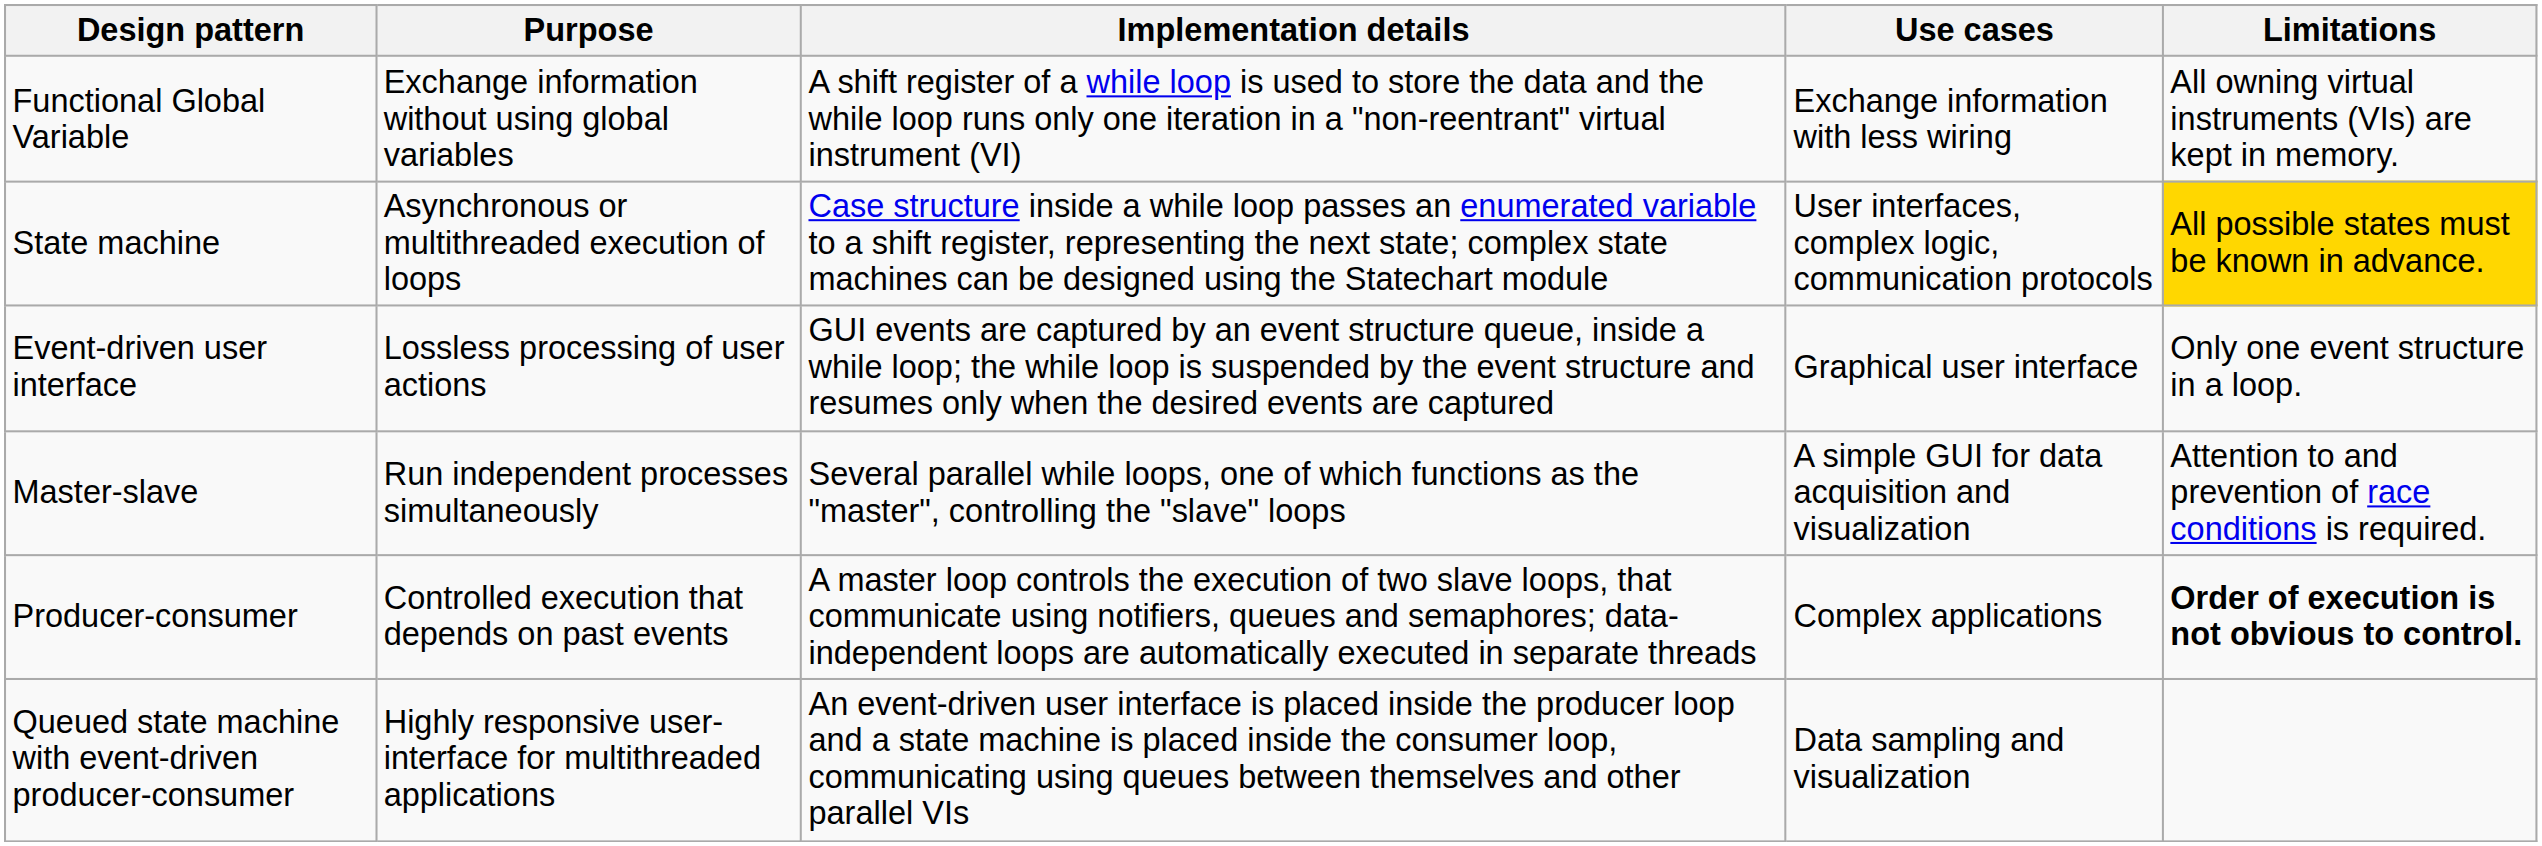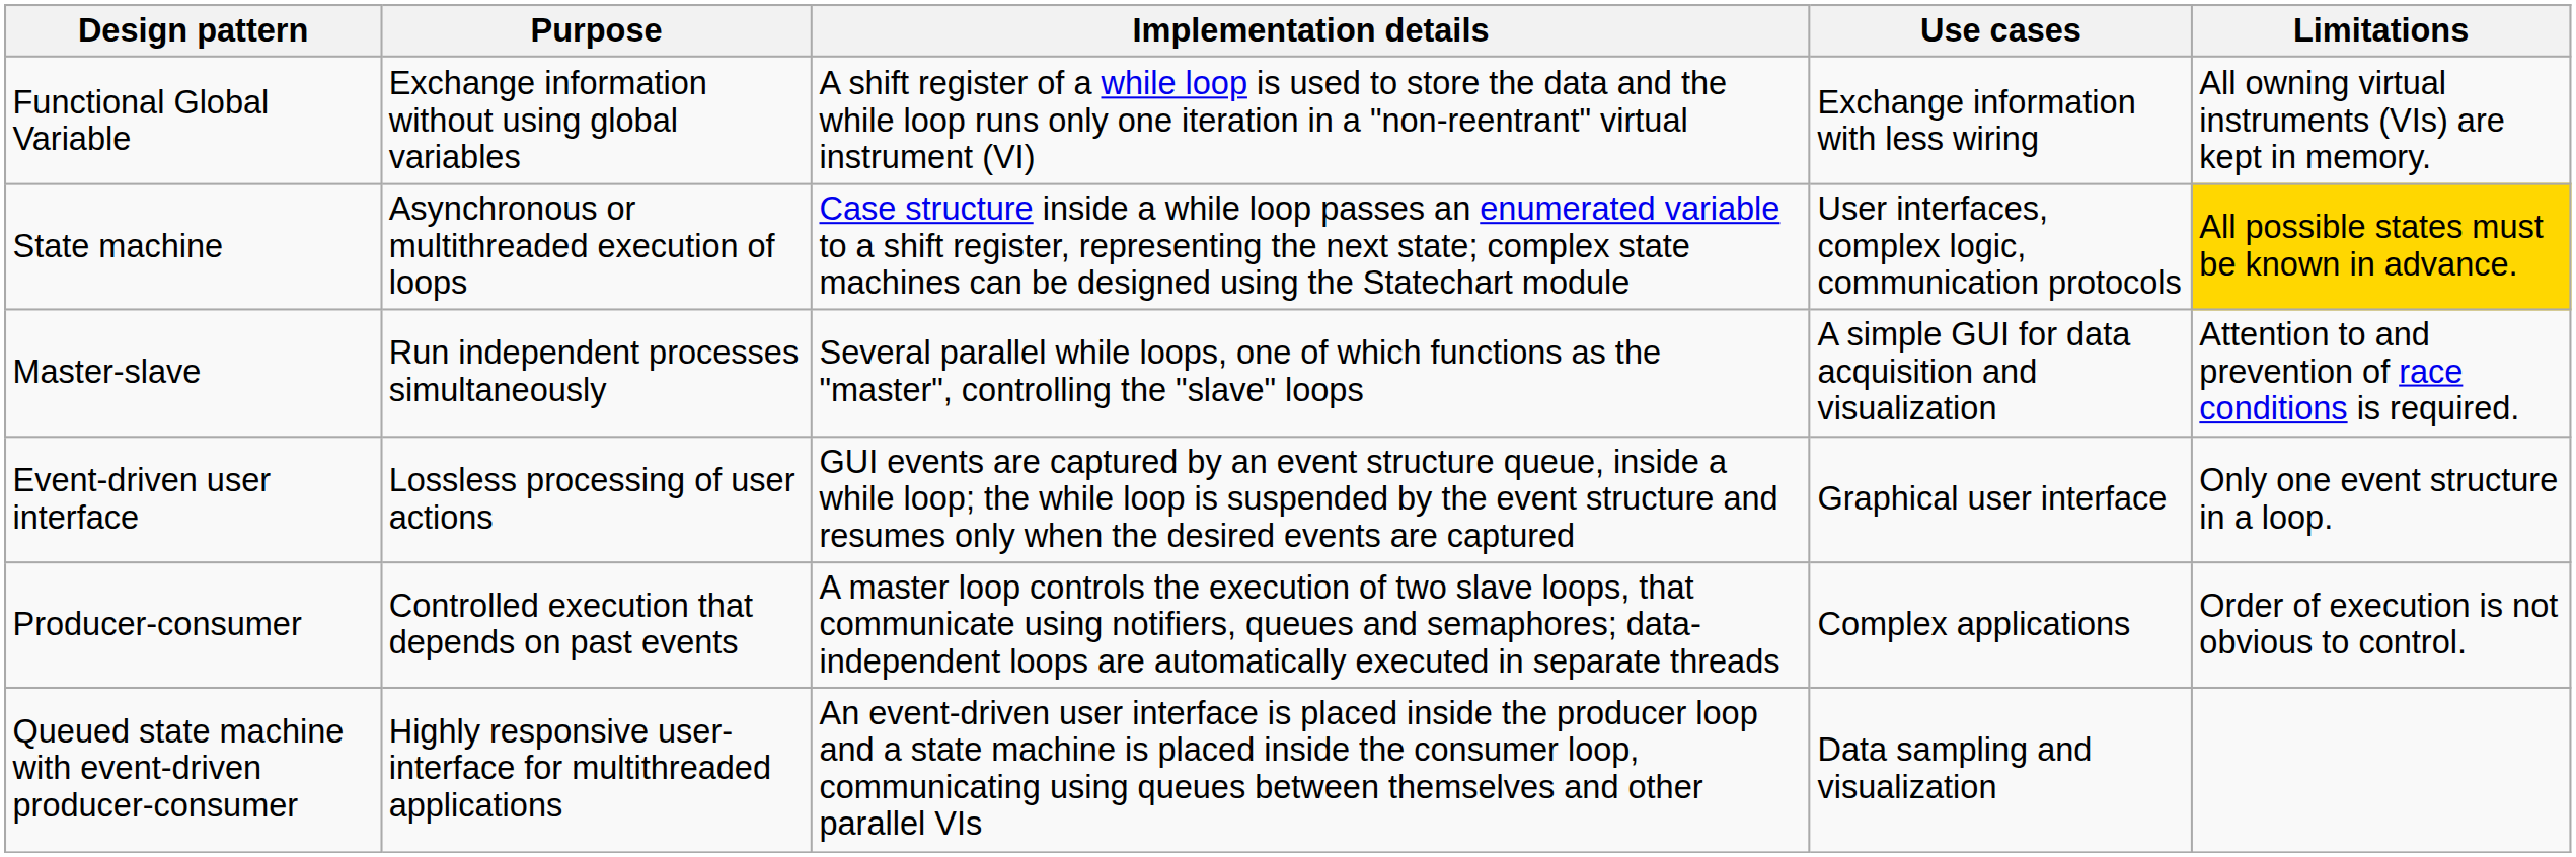 <table class="wikitable">
 <tr>
 <th>Design pattern</th>
 <th>Purpose</th>
 <th>Implementation details</th>
 <th>Use cases</th>
 <th>Limitations</th>
 </tr>
 <tr>
 <td>Functional Global Variable</td>
 <td>Exchange information without using global variables</td>
 <td>A shift register of a <a href='#'>while loop</a> is used to store the data and the while loop runs only one iteration in a "non-reentrant" virtual instrument (VI)</td>
 <td>Exchange information with less wiring</td>
 <td>All owning virtual instruments (VIs) are kept in memory.</td>
 </tr>
 <tr>
 <td>State machine</td>
 <td>Asynchronous or multithreaded execution of loops</td>
 <td><a href='#'>Case structure</a> inside a while loop passes an <a href='#'>enumerated variable</a> to a shift register, representing the next state; complex state machines can be designed using the Statechart module</td>
 <td>User interfaces,<br>complex logic,  communication protocols</td>
 <td style="background: gold;">All possible states must be known in advance.</td>
 </tr>
 <tr>
+<td>Master-slave</td>
+<td>Run independent processes simultaneously</td>
+<td>Several parallel while loops, one of which functions as the "master", controlling the "slave" loops</td>
+<td>A simple GUI for data acquisition and visualization</td>
+<td>Attention to and prevention of <a href='#'>race conditions</a> is required.</td>
+</tr>
+<tr>
 <td>Event-driven user interface</td>
 <td>Lossless processing of user actions</td>
 <td>GUI events are captured by an event structure queue, inside a while loop; the while loop is suspended by the event structure and resumes only when the desired events are captured</td>
 <td>Graphical user interface</td>
 <td>Only one event structure in a loop.</td>
 </tr>
 <tr>
-<td>Master-slave</td>
-<td>Run independent processes simultaneously</td>
-<td>Several parallel while loops, one of which functions as the "master", controlling the "slave" loops</td>
-<td>A simple GUI for data acquisition and visualization</td>
-<td>Attention to and prevention of <a href='#'>race conditions</a> is required.</td>
-</tr>
-<tr>
 <td>Producer-consumer</td>
 <td>Controlled execution that depends on past events</td>
 <td>A master loop controls the execution of two slave loops, that communicate using notifiers, queues and semaphores; data-independent loops are automatically executed in separate threads</td>
 <td>Complex applications</td>
-<td><strong>Order of execution is not obvious to control.</strong></td>
+<td>Order of execution is not obvious to control.</td>
 </tr>
 <tr>
 <td>Queued state machine with event-driven producer-consumer</td>
 <td>Highly responsive user-interface for multithreaded applications</td>
 <td>An event-driven user interface is placed inside the producer loop and a state machine is placed inside the consumer loop, communicating using queues between themselves and other parallel VIs</td>
 <td>Data sampling and visualization</td>
 <td></td>
 </tr>
 </table>
